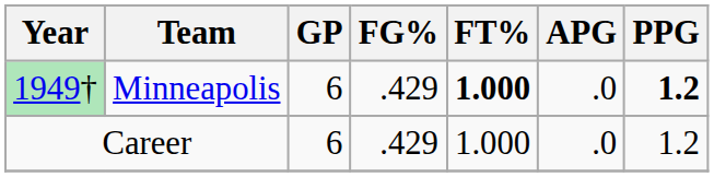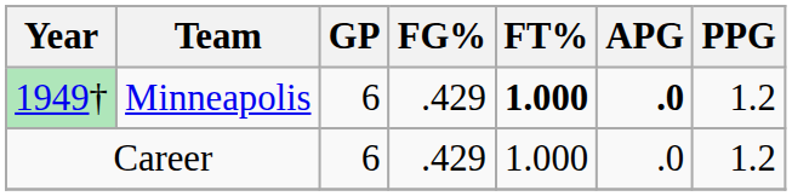 <table class="wikitable sortable" style="font-size:95%; text-align:right;">
 <tr>
 <th>Year</th>
 <th>Team</th>
 <th>GP</th>
 <th>FG%</th>
 <th>FT%</th>
 <th>APG</th>
 <th>PPG</th>
 </tr>
 <tr>
 <td style="text-align:left; background:#afe6ba;"><a href='#'>1949</a>†</td>
 <td style="text-align:left;"><a href='#'>Minneapolis</a></td>
 <td>6</td>
 <td>.429</td>
 <td><strong>1.000</strong></td>
-<td>.0</td>
-<td><strong>1.2</strong></td>
+<td><strong>.0</strong></td>
+<td>1.2</td>
 </tr>
 <tr>
 <td style="text-align:center;" colspan="2">Career</td>
 <td>6</td>
 <td>.429</td>
 <td>1.000</td>
 <td>.0</td>
 <td>1.2</td>
 </tr>
 <tr>
 </tr>
 </table>
